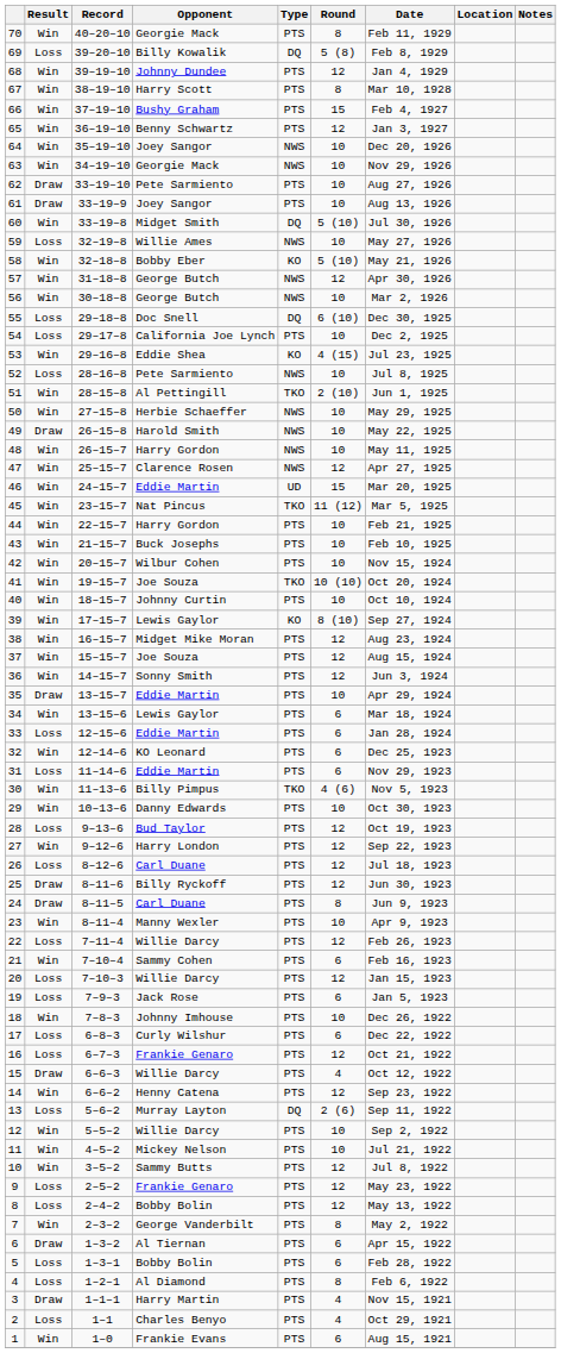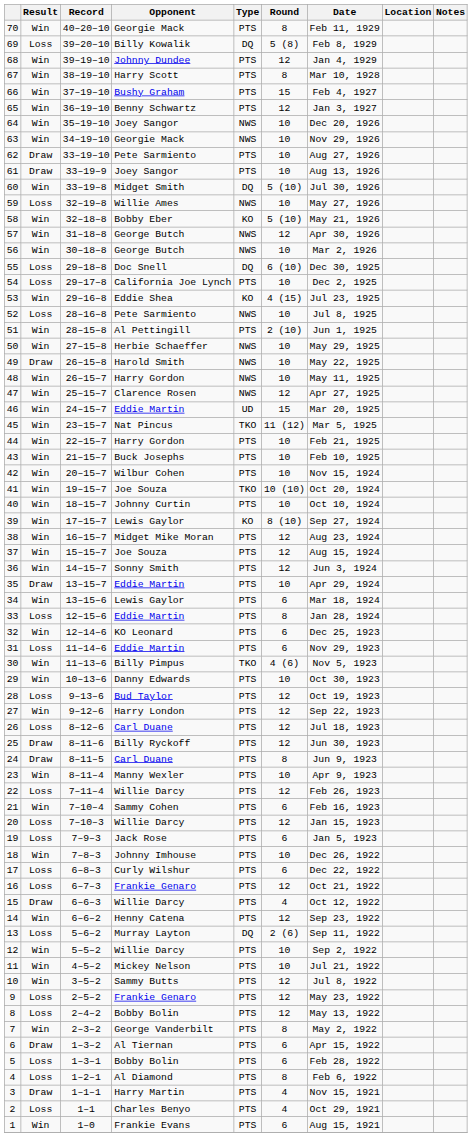 <table class="wikitable mw-collapsible" style="text-align:center">
 <tr>
 <th></th>
 <th>Result</th>
 <th>Record</th>
 <th>Opponent</th>
 <th>Type</th>
 <th>Round</th>
 <th>Date</th>
 <th>Location</th>
 <th>Notes</th>
 </tr>
 <tr>
 <td>70</td>
 <td>Win</td>
 <td>40–20–10</td>
 <td align=left>Georgie Mack</td>
 <td>PTS</td>
 <td>8</td>
 <td>Feb 11, 1929</td>
 <td style="text-align:left;"></td>
 <td></td>
 </tr>
 <tr>
 <td>69</td>
 <td>Loss</td>
 <td>39–20–10</td>
 <td align=left>Billy Kowalik</td>
 <td>DQ</td>
 <td>5 (8)</td>
 <td>Feb 8, 1929</td>
 <td style="text-align:left;"></td>
 <td style="text-align:left;"></td>
 </tr>
 <tr>
 <td>68</td>
 <td>Win</td>
 <td>39–19–10</td>
 <td align=left><a href='#'>Johnny Dundee</a></td>
 <td>PTS</td>
 <td>12</td>
 <td>Jan 4, 1929</td>
 <td style="text-align:left;"></td>
 <td></td>
 </tr>
 <tr>
 <td>67</td>
 <td>Win</td>
 <td>38–19–10</td>
 <td align=left>Harry Scott</td>
 <td>PTS</td>
 <td>8</td>
 <td>Mar 10, 1928</td>
 <td style="text-align:left;"></td>
 <td></td>
 </tr>
 <tr>
 <td>66</td>
 <td>Win</td>
 <td>37–19–10</td>
 <td align=left><a href='#'>Bushy Graham</a></td>
 <td>PTS</td>
 <td>15</td>
 <td>Feb 4, 1927</td>
 <td style="text-align:left;"></td>
 <td style="text-align:left;"></td>
 </tr>
 <tr>
 <td>65</td>
 <td>Win</td>
 <td>36–19–10</td>
 <td align=left>Benny Schwartz</td>
 <td>PTS</td>
 <td>12</td>
 <td>Jan 3, 1927</td>
 <td style="text-align:left;"></td>
 <td></td>
 </tr>
 <tr>
 <td>64</td>
 <td>Win</td>
 <td>35–19–10</td>
 <td align=left>Joey Sangor</td>
 <td>NWS</td>
 <td>10</td>
 <td>Dec 20, 1926</td>
 <td style="text-align:left;"></td>
 <td></td>
 </tr>
 <tr>
 <td>63</td>
 <td>Win</td>
 <td>34–19–10</td>
 <td align=left>Georgie Mack</td>
 <td>NWS</td>
 <td>10</td>
 <td>Nov 29, 1926</td>
 <td style="text-align:left;"></td>
 <td></td>
 </tr>
 <tr>
 <td>62</td>
 <td>Draw</td>
 <td>33–19–10</td>
 <td align=left>Pete Sarmiento</td>
 <td>PTS</td>
 <td>10</td>
 <td>Aug 27, 1926</td>
 <td style="text-align:left;"></td>
 <td></td>
 </tr>
 <tr>
 <td>61</td>
 <td>Draw</td>
 <td>33–19–9</td>
 <td align=left>Joey Sangor</td>
 <td>PTS</td>
 <td>10</td>
 <td>Aug 13, 1926</td>
 <td style="text-align:left;"></td>
 <td></td>
 </tr>
 <tr>
 <td>60</td>
 <td>Win</td>
 <td>33–19–8</td>
 <td align=left>Midget Smith</td>
 <td>DQ</td>
 <td>5 (10)</td>
 <td>Jul 30, 1926</td>
 <td style="text-align:left;"></td>
 <td></td>
 </tr>
 <tr>
 <td>59</td>
 <td>Loss</td>
 <td>32–19–8</td>
 <td align=left>Willie Ames</td>
 <td>NWS</td>
 <td>10</td>
 <td>May 27, 1926</td>
 <td style="text-align:left;"></td>
 <td></td>
 </tr>
 <tr>
 <td>58</td>
 <td>Win</td>
 <td>32–18–8</td>
 <td align=left>Bobby Eber</td>
 <td>KO</td>
 <td>5 (10)</td>
 <td>May 21, 1926</td>
 <td style="text-align:left;"></td>
 <td></td>
 </tr>
 <tr>
 <td>57</td>
 <td>Win</td>
 <td>31–18–8</td>
 <td align=left>George Butch</td>
 <td>NWS</td>
 <td>12</td>
 <td>Apr 30, 1926</td>
 <td style="text-align:left;"></td>
 <td></td>
 </tr>
 <tr>
 <td>56</td>
 <td>Win</td>
 <td>30–18–8</td>
 <td align=left>George Butch</td>
 <td>NWS</td>
 <td>10</td>
 <td>Mar 2, 1926</td>
 <td style="text-align:left;"></td>
 <td></td>
 </tr>
 <tr>
 <td>55</td>
 <td>Loss</td>
 <td>29–18–8</td>
 <td align=left>Doc Snell</td>
 <td>DQ</td>
 <td>6 (10)</td>
 <td>Dec 30, 1925</td>
 <td style="text-align:left;"></td>
 <td></td>
 </tr>
 <tr>
 <td>54</td>
 <td>Loss</td>
 <td>29–17–8</td>
 <td align=left>California Joe Lynch</td>
 <td>PTS</td>
 <td>10</td>
 <td>Dec 2, 1925</td>
 <td style="text-align:left;"></td>
 <td></td>
 </tr>
 <tr>
 <td>53</td>
 <td>Win</td>
 <td>29–16–8</td>
 <td align=left>Eddie Shea</td>
 <td>KO</td>
 <td>4 (15)</td>
 <td>Jul 23, 1925</td>
 <td style="text-align:left;"></td>
 <td style="text-align:left;"></td>
 </tr>
 <tr>
 <td>52</td>
 <td>Loss</td>
 <td>28–16–8</td>
 <td align=left>Pete Sarmiento</td>
 <td>NWS</td>
 <td>10</td>
 <td>Jul 8, 1925</td>
 <td style="text-align:left;"></td>
 <td></td>
 </tr>
 <tr>
 <td>51</td>
 <td>Win</td>
 <td>28–15–8</td>
 <td align=left>Al Pettingill</td>
-<td>TKO</td>
+<td>PTS</td>
 <td>2 (10)</td>
 <td>Jun 1, 1925</td>
 <td style="text-align:left;"></td>
 <td></td>
 </tr>
 <tr>
 <td>50</td>
 <td>Win</td>
 <td>27–15–8</td>
 <td align=left>Herbie Schaeffer</td>
 <td>NWS</td>
 <td>10</td>
 <td>May 29, 1925</td>
 <td style="text-align:left;"></td>
 <td></td>
 </tr>
 <tr>
 <td>49</td>
 <td>Draw</td>
 <td>26–15–8</td>
 <td align=left>Harold Smith</td>
 <td>NWS</td>
 <td>10</td>
 <td>May 22, 1925</td>
 <td style="text-align:left;"></td>
 <td></td>
 </tr>
 <tr>
 <td>48</td>
 <td>Win</td>
 <td>26–15–7</td>
 <td align=left>Harry Gordon</td>
 <td>NWS</td>
 <td>10</td>
 <td>May 11, 1925</td>
 <td style="text-align:left;"></td>
 <td></td>
 </tr>
 <tr>
 <td>47</td>
 <td>Win</td>
 <td>25–15–7</td>
 <td align=left>Clarence Rosen</td>
 <td>NWS</td>
 <td>12</td>
 <td>Apr 27, 1925</td>
 <td style="text-align:left;"></td>
 <td></td>
 </tr>
 <tr>
 <td>46</td>
 <td>Win</td>
 <td>24–15–7</td>
 <td align=left><a href='#'>Eddie Martin</a></td>
 <td>UD</td>
 <td>15</td>
 <td>Mar 20, 1925</td>
 <td style="text-align:left;"></td>
 <td style="text-align:left;"></td>
 </tr>
 <tr>
 <td>45</td>
 <td>Win</td>
 <td>23–15–7</td>
 <td align=left>Nat Pincus</td>
 <td>TKO</td>
 <td>11 (12)</td>
 <td>Mar 5, 1925</td>
 <td style="text-align:left;"></td>
 <td></td>
 </tr>
 <tr>
 <td>44</td>
 <td>Win</td>
 <td>22–15–7</td>
 <td align=left>Harry Gordon</td>
 <td>PTS</td>
 <td>10</td>
 <td>Feb 21, 1925</td>
 <td style="text-align:left;"></td>
 <td></td>
 </tr>
 <tr>
 <td>43</td>
 <td>Win</td>
 <td>21–15–7</td>
 <td align=left>Buck Josephs</td>
 <td>PTS</td>
 <td>10</td>
 <td>Feb 10, 1925</td>
 <td style="text-align:left;"></td>
 <td></td>
 </tr>
 <tr>
 <td>42</td>
 <td>Win</td>
 <td>20–15–7</td>
 <td align=left>Wilbur Cohen</td>
 <td>PTS</td>
 <td>10</td>
 <td>Nov 15, 1924</td>
 <td style="text-align:left;"></td>
 <td></td>
 </tr>
 <tr>
 <td>41</td>
 <td>Win</td>
 <td>19–15–7</td>
 <td align=left>Joe Souza</td>
 <td>TKO</td>
 <td>10 (10)</td>
 <td>Oct 20, 1924</td>
 <td style="text-align:left;"></td>
 <td></td>
 </tr>
 <tr>
 <td>40</td>
 <td>Win</td>
 <td>18–15–7</td>
 <td align=left>Johnny Curtin</td>
 <td>PTS</td>
 <td>10</td>
 <td>Oct 10, 1924</td>
 <td style="text-align:left;"></td>
 <td></td>
 </tr>
 <tr>
 <td>39</td>
 <td>Win</td>
 <td>17–15–7</td>
 <td align=left>Lewis Gaylor</td>
 <td>KO</td>
 <td>8 (10)</td>
 <td>Sep 27, 1924</td>
 <td style="text-align:left;"></td>
 <td></td>
 </tr>
 <tr>
 <td>38</td>
 <td>Win</td>
 <td>16–15–7</td>
 <td align=left>Midget Mike Moran</td>
 <td>PTS</td>
 <td>12</td>
 <td>Aug 23, 1924</td>
 <td style="text-align:left;"></td>
 <td></td>
 </tr>
 <tr>
 <td>37</td>
 <td>Win</td>
 <td>15–15–7</td>
 <td align=left>Joe Souza</td>
 <td>PTS</td>
 <td>12</td>
 <td>Aug 15, 1924</td>
 <td style="text-align:left;"></td>
 <td></td>
 </tr>
 <tr>
 <td>36</td>
 <td>Win</td>
 <td>14–15–7</td>
 <td align=left>Sonny Smith</td>
 <td>PTS</td>
 <td>12</td>
 <td>Jun 3, 1924</td>
 <td style="text-align:left;"></td>
 <td></td>
 </tr>
 <tr>
 <td>35</td>
 <td>Draw</td>
 <td>13–15–7</td>
 <td align=left><a href='#'>Eddie Martin</a></td>
 <td>PTS</td>
 <td>10</td>
 <td>Apr 29, 1924</td>
 <td style="text-align:left;"></td>
 <td></td>
 </tr>
 <tr>
 <td>34</td>
 <td>Win</td>
 <td>13–15–6</td>
 <td align=left>Lewis Gaylor</td>
 <td>PTS</td>
 <td>6</td>
 <td>Mar 18, 1924</td>
 <td style="text-align:left;"></td>
 <td></td>
 </tr>
 <tr>
 <td>33</td>
 <td>Loss</td>
 <td>12–15–6</td>
 <td align=left><a href='#'>Eddie Martin</a></td>
 <td>PTS</td>
-<td>6</td>
+<td>8</td>
 <td>Jan 28, 1924</td>
 <td style="text-align:left;"></td>
 <td></td>
 </tr>
 <tr>
 <td>32</td>
 <td>Win</td>
 <td>12–14–6</td>
 <td align=left>KO Leonard</td>
 <td>PTS</td>
 <td>6</td>
 <td>Dec 25, 1923</td>
 <td style="text-align:left;"></td>
 <td></td>
 </tr>
 <tr>
 <td>31</td>
 <td>Loss</td>
 <td>11–14–6</td>
 <td align=left><a href='#'>Eddie Martin</a></td>
 <td>PTS</td>
 <td>6</td>
 <td>Nov 29, 1923</td>
 <td style="text-align:left;"></td>
 <td></td>
 </tr>
 <tr>
 <td>30</td>
 <td>Win</td>
 <td>11–13–6</td>
 <td align=left>Billy Pimpus</td>
 <td>TKO</td>
 <td>4 (6)</td>
 <td>Nov 5, 1923</td>
 <td style="text-align:left;"></td>
 <td></td>
 </tr>
 <tr>
 <td>29</td>
 <td>Win</td>
 <td>10–13–6</td>
 <td align=left>Danny Edwards</td>
 <td>PTS</td>
 <td>10</td>
 <td>Oct 30, 1923</td>
 <td style="text-align:left;"></td>
 <td></td>
 </tr>
 <tr>
 <td>28</td>
 <td>Loss</td>
 <td>9–13–6</td>
 <td align=left><a href='#'>Bud Taylor</a></td>
 <td>PTS</td>
 <td>12</td>
 <td>Oct 19, 1923</td>
 <td style="text-align:left;"></td>
 <td></td>
 </tr>
 <tr>
 <td>27</td>
 <td>Win</td>
 <td>9–12–6</td>
 <td align=left>Harry London</td>
 <td>PTS</td>
 <td>12</td>
 <td>Sep 22, 1923</td>
 <td style="text-align:left;"></td>
 <td></td>
 </tr>
 <tr>
 <td>26</td>
 <td>Loss</td>
 <td>8–12–6</td>
 <td align=left><a href='#'>Carl Duane</a></td>
 <td>PTS</td>
 <td>12</td>
 <td>Jul 18, 1923</td>
 <td style="text-align:left;"></td>
 <td></td>
 </tr>
 <tr>
 <td>25</td>
 <td>Draw</td>
 <td>8–11–6</td>
 <td align=left>Billy Ryckoff</td>
 <td>PTS</td>
 <td>12</td>
 <td>Jun 30, 1923</td>
 <td style="text-align:left;"></td>
 <td></td>
 </tr>
 <tr>
 <td>24</td>
 <td>Draw</td>
 <td>8–11–5</td>
 <td align=left><a href='#'>Carl Duane</a></td>
 <td>PTS</td>
 <td>8</td>
 <td>Jun 9, 1923</td>
 <td style="text-align:left;"></td>
 <td></td>
 </tr>
 <tr>
 <td>23</td>
 <td>Win</td>
 <td>8–11–4</td>
 <td align=left>Manny Wexler</td>
 <td>PTS</td>
 <td>10</td>
 <td>Apr 9, 1923</td>
 <td style="text-align:left;"></td>
 <td></td>
 </tr>
 <tr>
 <td>22</td>
 <td>Loss</td>
 <td>7–11–4</td>
 <td align=left>Willie Darcy</td>
 <td>PTS</td>
 <td>12</td>
 <td>Feb 26, 1923</td>
 <td style="text-align:left;"></td>
 <td></td>
 </tr>
 <tr>
 <td>21</td>
 <td>Win</td>
 <td>7–10–4</td>
 <td align=left>Sammy Cohen</td>
 <td>PTS</td>
 <td>6</td>
 <td>Feb 16, 1923</td>
 <td style="text-align:left;"></td>
 <td></td>
 </tr>
 <tr>
 <td>20</td>
 <td>Loss</td>
 <td>7–10–3</td>
 <td align=left>Willie Darcy</td>
 <td>PTS</td>
 <td>12</td>
 <td>Jan 15, 1923</td>
 <td style="text-align:left;"></td>
 <td></td>
 </tr>
 <tr>
 <td>19</td>
 <td>Loss</td>
 <td>7–9–3</td>
 <td align=left>Jack Rose</td>
 <td>PTS</td>
 <td>6</td>
 <td>Jan 5, 1923</td>
 <td style="text-align:left;"></td>
 <td></td>
 </tr>
 <tr>
 <td>18</td>
 <td>Win</td>
 <td>7–8–3</td>
 <td align=left>Johnny Imhouse</td>
 <td>PTS</td>
 <td>10</td>
 <td>Dec 26, 1922</td>
 <td style="text-align:left;"></td>
 <td></td>
 </tr>
 <tr>
 <td>17</td>
 <td>Loss</td>
 <td>6–8–3</td>
 <td align=left>Curly Wilshur</td>
 <td>PTS</td>
 <td>6</td>
 <td>Dec 22, 1922</td>
 <td style="text-align:left;"></td>
 <td></td>
 </tr>
 <tr>
 <td>16</td>
 <td>Loss</td>
 <td>6–7–3</td>
 <td align=left><a href='#'>Frankie Genaro</a></td>
 <td>PTS</td>
 <td>12</td>
 <td>Oct 21, 1922</td>
 <td style="text-align:left;"></td>
 <td></td>
 </tr>
 <tr>
 <td>15</td>
 <td>Draw</td>
 <td>6–6–3</td>
 <td align=left>Willie Darcy</td>
 <td>PTS</td>
 <td>4</td>
 <td>Oct 12, 1922</td>
 <td style="text-align:left;"></td>
 <td></td>
 </tr>
 <tr>
 <td>14</td>
 <td>Win</td>
 <td>6–6–2</td>
 <td align=left>Henny Catena</td>
 <td>PTS</td>
 <td>12</td>
 <td>Sep 23, 1922</td>
 <td style="text-align:left;"></td>
 <td></td>
 </tr>
 <tr>
 <td>13</td>
 <td>Loss</td>
 <td>5–6–2</td>
 <td align=left>Murray Layton</td>
 <td>DQ</td>
 <td>2 (6)</td>
 <td>Sep 11, 1922</td>
 <td style="text-align:left;"></td>
 <td></td>
 </tr>
 <tr>
 <td>12</td>
 <td>Win</td>
 <td>5–5–2</td>
 <td align=left>Willie Darcy</td>
 <td>PTS</td>
 <td>10</td>
 <td>Sep 2, 1922</td>
 <td style="text-align:left;"></td>
 <td></td>
 </tr>
 <tr>
 <td>11</td>
 <td>Win</td>
 <td>4–5–2</td>
 <td align=left>Mickey Nelson</td>
 <td>PTS</td>
 <td>10</td>
 <td>Jul 21, 1922</td>
 <td style="text-align:left;"></td>
 <td></td>
 </tr>
 <tr>
 <td>10</td>
 <td>Win</td>
 <td>3–5–2</td>
 <td align=left>Sammy Butts</td>
 <td>PTS</td>
 <td>12</td>
 <td>Jul 8, 1922</td>
 <td style="text-align:left;"></td>
 <td></td>
 </tr>
 <tr>
 <td>9</td>
 <td>Loss</td>
 <td>2–5–2</td>
 <td align=left><a href='#'>Frankie Genaro</a></td>
 <td>PTS</td>
 <td>12</td>
 <td>May 23, 1922</td>
 <td style="text-align:left;"></td>
 <td></td>
 </tr>
 <tr>
 <td>8</td>
 <td>Loss</td>
 <td>2–4–2</td>
 <td align=left>Bobby Bolin</td>
 <td>PTS</td>
 <td>12</td>
 <td>May 13, 1922</td>
 <td style="text-align:left;"></td>
 <td></td>
 </tr>
 <tr>
 <td>7</td>
 <td>Win</td>
 <td>2–3–2</td>
 <td align=left>George Vanderbilt</td>
 <td>PTS</td>
 <td>8</td>
 <td>May 2, 1922</td>
 <td style="text-align:left;"></td>
 <td></td>
 </tr>
 <tr>
 <td>6</td>
 <td>Draw</td>
 <td>1–3–2</td>
 <td align=left>Al Tiernan</td>
 <td>PTS</td>
 <td>6</td>
 <td>Apr 15, 1922</td>
 <td style="text-align:left;"></td>
 <td></td>
 </tr>
 <tr>
 <td>5</td>
 <td>Loss</td>
 <td>1–3–1</td>
 <td align=left>Bobby Bolin</td>
 <td>PTS</td>
 <td>6</td>
 <td>Feb 28, 1922</td>
 <td style="text-align:left;"></td>
 <td></td>
 </tr>
 <tr>
 <td>4</td>
 <td>Loss</td>
 <td>1–2–1</td>
 <td align=left>Al Diamond</td>
 <td>PTS</td>
 <td>8</td>
 <td>Feb 6, 1922</td>
 <td style="text-align:left;"></td>
 <td></td>
 </tr>
 <tr>
 <td>3</td>
 <td>Draw</td>
 <td>1–1–1</td>
 <td align=left>Harry Martin</td>
 <td>PTS</td>
 <td>4</td>
 <td>Nov 15, 1921</td>
 <td style="text-align:left;"></td>
 <td style="text-align:left;"></td>
 </tr>
 <tr>
 <td>2</td>
 <td>Loss</td>
 <td>1–1</td>
 <td align=left>Charles Benyo</td>
 <td>PTS</td>
 <td>4</td>
 <td>Oct 29, 1921</td>
 <td style="text-align:left;"></td>
 <td></td>
 </tr>
 <tr>
 <td>1</td>
 <td>Win</td>
 <td>1–0</td>
 <td align=left>Frankie Evans</td>
 <td>PTS</td>
 <td>6</td>
 <td>Aug 15, 1921</td>
 <td style="text-align:left;"></td>
 <td></td>
 </tr>
 <tr>
 </tr>
 </table>
